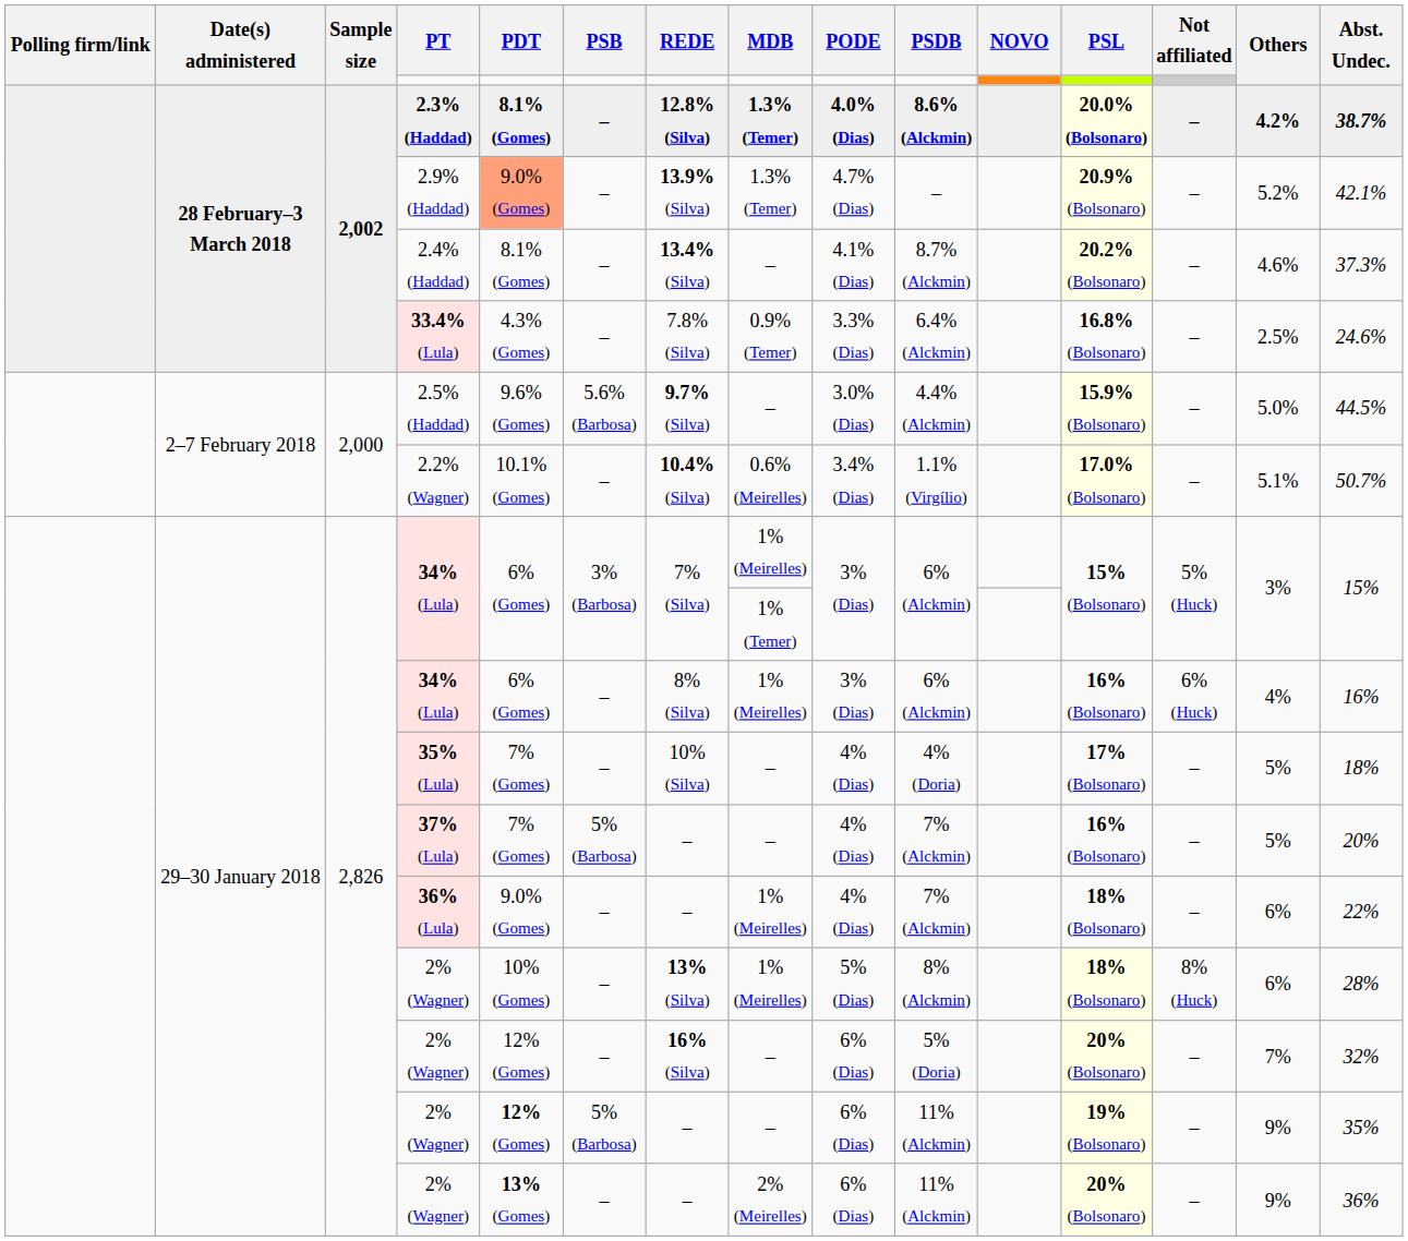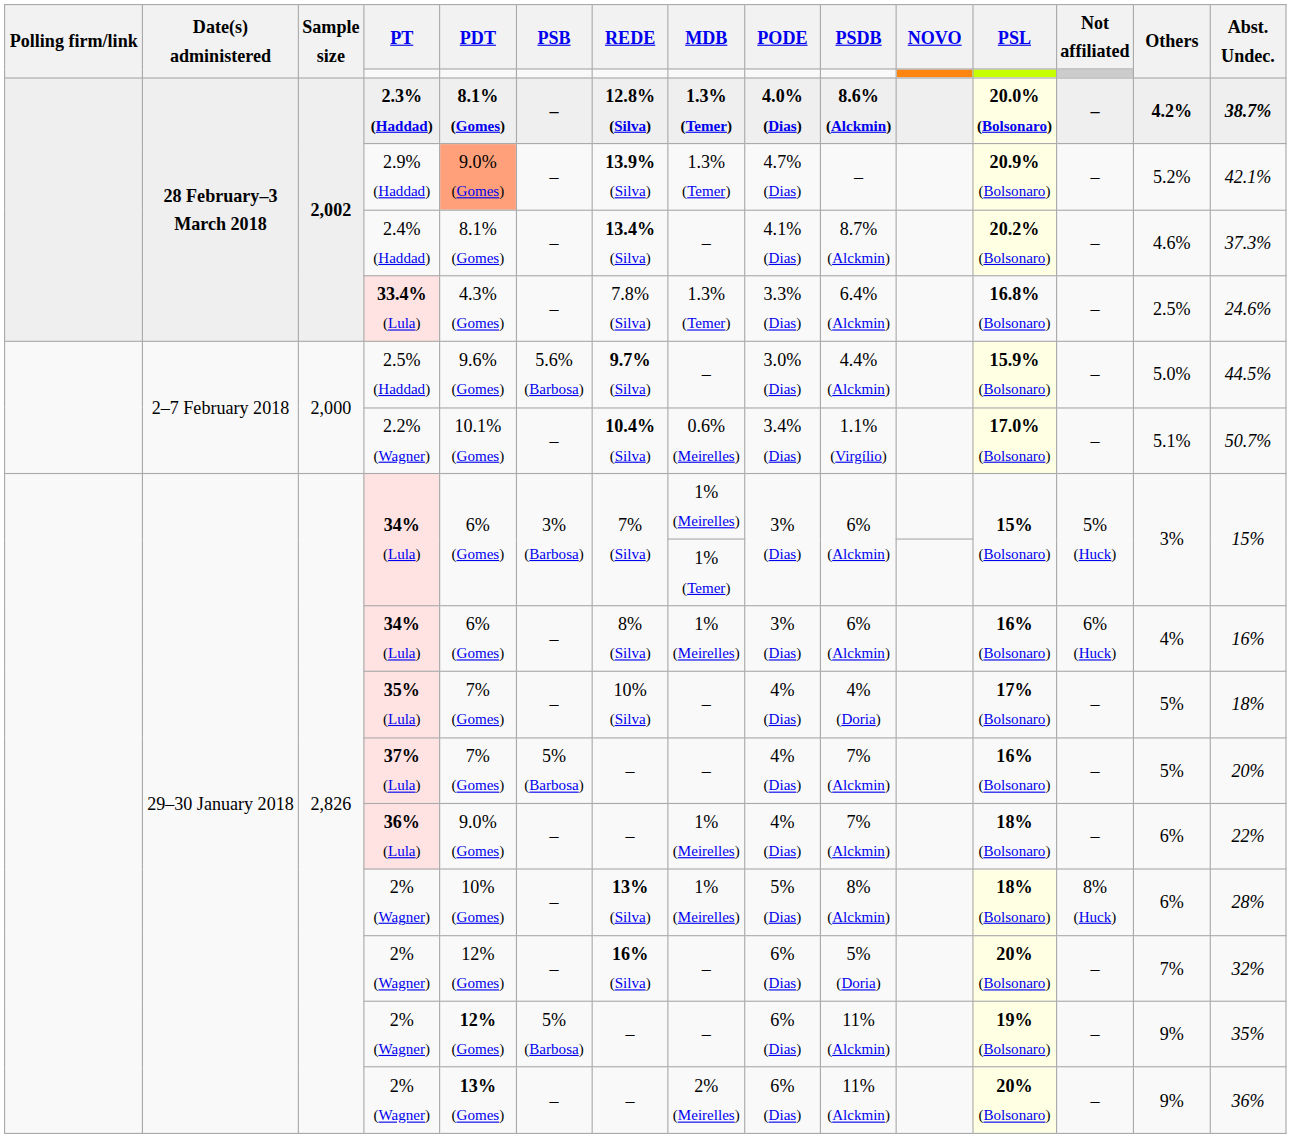 <table class="wikitable collapsible" style="text-align:center;font-size:100%;line-height:25px;">
 <tr style="height:42px;">
 <th style="width:115px;" rowspan="2">Polling firm/link</th>
 <th style="width:130px;" rowspan="2">Date(s)<br>administered</th>
 <th style="width:50px;" rowspan="2">Sample<br>size</th>
 <th style="width:60px;"><a href='#'>PT</a></th>
 <th style="width:60px;"><a href='#'>PDT</a></th>
 <th style="width:60px;"><a href='#'>PSB</a></th>
 <th style="width:60px;"><a href='#'>REDE</a></th>
 <th style="width:60px;"><a href='#'>MDB</a></th>
 <th style="width:60px;"><a href='#'>PODE</a></th>
 <th style="width:60px;"><a href='#'>PSDB</a></th>
 <th style="width:60px;"><a href='#'>NOVO</a></th>
 <th style="width:60px;"><a href='#'>PSL</a></th>
 <th style="width:60px;">Not<br>affiliated</th>
 <th style="width:60px;" rowspan="2">Others</th>
 <th style="width:60px;" rowspan="2">Abst.<br>Undec.</th>
 </tr>
 <tr>
 <td style="color:inherit;background:"></td>
 <td style="color:inherit;background:"></td>
 <td style="color:inherit;background:"></td>
 <td style="color:inherit;background:"></td>
 <td style="color:inherit;background:"></td>
 <td style="color:inherit;background:"></td>
 <td style="color:inherit;background:"></td>
 <td style="color:inherit;background:#FF8511"></td>
 <td style="color:inherit;background:#C8ff00;"></td>
 <td style="color:inherit;background:#CCCCCC"></td>
 </tr>
 <tr style="background:#EFEFEF; font-weight:bold;">
 <td rowspan="4"> </td>
 <td rowspan="4">28 February–3 March 2018</td>
 <td rowspan="4">2,002</td>
 <td>2.3%<br><small>(<a href='#'>Haddad</a>)</small></td>
 <td>8.1%<br><small>(<a href='#'>Gomes</a>)</small></td>
 <td>–</td>
 <td><strong>12.8%</strong><br><small>(<a href='#'>Silva</a>)</small></td>
 <td>1.3%<br><small>(<a href='#'>Temer</a>)</small></td>
 <td>4.0%<br><small>(<a href='#'>Dias</a>)</small></td>
 <td>8.6%<br><small>(<a href='#'>Alckmin</a>)</small></td>
 <td></td>
 <td style="background:#FeFFE3"><strong>20.0%</strong><br><small>(<a href='#'>Bolsonaro</a>)</small></td>
 <td>–</td>
 <td>4.2%</td>
 <td><em>38.7%</em></td>
 </tr>
 <tr>
 <td>2.9%<br><small>(<a href='#'>Haddad</a>)</small></td>
 <td style="background: lightsalmon;">9.0%<br><small>(<a href='#'>Gomes</a>)</small></td>
 <td>–</td>
 <td><strong>13.9%</strong><br><small>(<a href='#'>Silva</a>)</small></td>
 <td>1.3%<br><small>(<a href='#'>Temer</a>)</small></td>
 <td>4.7%<br><small>(<a href='#'>Dias</a>)</small></td>
 <td>–</td>
 <td></td>
 <td style="background:#FeFFE3"><strong>20.9%</strong><br><small>(<a href='#'>Bolsonaro</a>)</small></td>
 <td>–</td>
 <td>5.2%</td>
 <td><em>42.1%</em></td>
 </tr>
 <tr>
 <td>2.4%<br><small>(<a href='#'>Haddad</a>)</small></td>
 <td>8.1%<br><small>(<a href='#'>Gomes</a>)</small></td>
 <td>–</td>
 <td><strong>13.4%</strong><br><small>(<a href='#'>Silva</a>)</small></td>
 <td>–</td>
 <td>4.1%<br><small>(<a href='#'>Dias</a>)</small></td>
 <td>8.7%<br><small>(<a href='#'>Alckmin</a>)</small></td>
 <td></td>
 <td style="background:#FeFFE3"><strong>20.2%</strong><br><small>(<a href='#'>Bolsonaro</a>)</small></td>
 <td>–</td>
 <td>4.6%</td>
 <td><em>37.3%</em></td>
 </tr>
 <tr>
 <td style="background:#FFE3E3"><strong>33.4%</strong><br><small>(<a href='#'>Lula</a>)</small></td>
 <td>4.3%<br><small>(<a href='#'>Gomes</a>)</small></td>
 <td>–</td>
 <td>7.8%<br><small>(<a href='#'>Silva</a>)</small></td>
-<td>0.9%<br><small>(<a href='#'>Temer</a>)</small></td>
+<td>1.3%<br><small>(<a href='#'>Temer</a>)</small></td>
 <td>3.3%<br><small>(<a href='#'>Dias</a>)</small></td>
 <td>6.4%<br><small>(<a href='#'>Alckmin</a>)</small></td>
 <td></td>
 <td><strong>16.8%</strong><br><small>(<a href='#'>Bolsonaro</a>)</small></td>
 <td>–</td>
 <td>2.5%</td>
 <td><em>24.6%</em></td>
 </tr>
 <tr>
 <td rowspan="2"></td>
 <td rowspan="2">2–7 February 2018</td>
 <td rowspan="2">2,000</td>
 <td>2.5%<br><small>(<a href='#'>Haddad</a>)</small></td>
 <td>9.6%<br><small>(<a href='#'>Gomes</a>)</small></td>
 <td>5.6%<br><small>(<a href='#'>Barbosa</a>)</small></td>
 <td><strong>9.7%</strong><br><small>(<a href='#'>Silva</a>)</small></td>
 <td>–</td>
 <td>3.0%<br><small>(<a href='#'>Dias</a>)</small></td>
 <td>4.4%<br><small>(<a href='#'>Alckmin</a>)</small></td>
 <td></td>
 <td style="background:#FeFFE3"><strong>15.9%</strong><br><small>(<a href='#'>Bolsonaro</a>)</small></td>
 <td>–</td>
 <td>5.0%</td>
 <td><em>44.5%</em></td>
 </tr>
 <tr>
 <td>2.2%<br><small>(<a href='#'>Wagner</a>)</small></td>
 <td>10.1%<br><small>(<a href='#'>Gomes</a>)</small></td>
 <td>–</td>
 <td><strong>10.4%</strong><br><small>(<a href='#'>Silva</a>)</small></td>
 <td>0.6%<br><small>(<a href='#'>Meirelles</a>)</small></td>
 <td>3.4%<br><small>(<a href='#'>Dias</a>)</small></td>
 <td>1.1%<br><small>(<a href='#'>Virgílio</a>)</small></td>
 <td></td>
 <td style="background:#FeFFE3"><strong>17.0%</strong><br><small>(<a href='#'>Bolsonaro</a>)</small></td>
 <td>–</td>
 <td>5.1%</td>
 <td><em>50.7%</em></td>
 </tr>
 <tr>
 <td rowspan="10"></td>
 <td rowspan="10">29–30 January 2018</td>
 <td rowspan="10">2,826</td>
 <td rowspan="2" style="background:#FFE3E3"><strong>34%</strong><br><small>(<a href='#'>Lula</a>)</small></td>
 <td rowspan="2">6%<br><small>(<a href='#'>Gomes</a>)</small></td>
 <td rowspan="2">3%<br><small>(<a href='#'>Barbosa</a>)</small></td>
 <td rowspan="2">7%<br><small>(<a href='#'>Silva</a>)</small></td>
 <td>1%<br><small>(<a href='#'>Meirelles</a>)</small></td>
 <td rowspan="2">3%<br><small>(<a href='#'>Dias</a>)</small></td>
 <td rowspan="2">6%<br><small>(<a href='#'>Alckmin</a>)</small></td>
 <td></td>
 <td rowspan="2"><strong>15%</strong><br><small>(<a href='#'>Bolsonaro</a>)</small></td>
 <td rowspan="2">5%<br><small>(<a href='#'>Huck</a>)</small></td>
 <td rowspan="2">3%</td>
 <td rowspan="2"><em>15%</em></td>
 </tr>
 <tr>
 <td>1%<br><small>(<a href='#'>Temer</a>)</small></td>
 <td></td>
 </tr>
 <tr>
 <td style="background:#FFE3E3"><strong>34%</strong><br><small>(<a href='#'>Lula</a>)</small></td>
 <td>6%<br><small>(<a href='#'>Gomes</a>)</small></td>
 <td>–</td>
 <td>8%<br><small>(<a href='#'>Silva</a>)</small></td>
 <td>1%<br><small>(<a href='#'>Meirelles</a>)</small></td>
 <td>3%<br><small>(<a href='#'>Dias</a>)</small></td>
 <td>6%<br><small>(<a href='#'>Alckmin</a>)</small></td>
 <td></td>
 <td><strong>16%</strong><br><small>(<a href='#'>Bolsonaro</a>)</small></td>
 <td>6%<br><small>(<a href='#'>Huck</a>)</small></td>
 <td>4%</td>
 <td><em>16%</em></td>
 </tr>
 <tr>
 <td style="background:#FFE3E3"><strong>35%</strong><br><small>(<a href='#'>Lula</a>)</small></td>
 <td>7%<br><small>(<a href='#'>Gomes</a>)</small></td>
 <td>–</td>
 <td>10%<br><small>(<a href='#'>Silva</a>)</small></td>
 <td>–</td>
 <td>4%<br><small>(<a href='#'>Dias</a>)</small></td>
 <td>4%<br><small>(<a href='#'>Doria</a>)</small></td>
 <td></td>
 <td><strong>17%</strong><br><small>(<a href='#'>Bolsonaro</a>)</small></td>
 <td>–</td>
 <td>5%</td>
 <td><em>18%</em></td>
 </tr>
 <tr>
 <td style="background:#FFE3E3"><strong>37%</strong><br><small>(<a href='#'>Lula</a>)</small></td>
 <td>7%<br><small>(<a href='#'>Gomes</a>)</small></td>
 <td>5%<br><small>(<a href='#'>Barbosa</a>)</small></td>
 <td>–</td>
 <td>–</td>
 <td>4%<br><small>(<a href='#'>Dias</a>)</small></td>
 <td>7%<br><small>(<a href='#'>Alckmin</a>)</small></td>
 <td></td>
 <td><strong>16%</strong><br><small>(<a href='#'>Bolsonaro</a>)</small></td>
 <td>–</td>
 <td>5%</td>
 <td><em>20%</em></td>
 </tr>
 <tr>
 <td style="background:#FFE3E3"><strong>36%</strong><br><small>(<a href='#'>Lula</a>)</small></td>
 <td>9.0%<br><small>(<a href='#'>Gomes</a>)</small></td>
 <td>–</td>
 <td>–</td>
 <td>1%<br><small>(<a href='#'>Meirelles</a>)</small></td>
 <td>4%<br><small>(<a href='#'>Dias</a>)</small></td>
 <td>7%<br><small>(<a href='#'>Alckmin</a>)</small></td>
 <td></td>
 <td><strong>18%</strong><br><small>(<a href='#'>Bolsonaro</a>)</small></td>
 <td>–</td>
 <td>6%</td>
 <td><em>22%</em></td>
 </tr>
 <tr>
 <td>2%<br><small>(<a href='#'>Wagner</a>)</small></td>
 <td>10%<br><small>(<a href='#'>Gomes</a>)</small></td>
 <td>–</td>
 <td><strong>13%</strong><br><small>(<a href='#'>Silva</a>)</small></td>
 <td>1%<br><small>(<a href='#'>Meirelles</a>)</small></td>
 <td>5%<br><small>(<a href='#'>Dias</a>)</small></td>
 <td>8%<br><small>(<a href='#'>Alckmin</a>)</small></td>
 <td></td>
 <td style="background:#FeFFE3"><strong>18%</strong><br><small>(<a href='#'>Bolsonaro</a>)</small></td>
 <td>8%<br><small>(<a href='#'>Huck</a>)</small></td>
 <td>6%</td>
 <td><em>28%</em></td>
 </tr>
 <tr>
 <td>2%<br><small>(<a href='#'>Wagner</a>)</small></td>
 <td>12%<br><small>(<a href='#'>Gomes</a>)</small></td>
 <td>–</td>
 <td><strong>16%</strong><br><small>(<a href='#'>Silva</a>)</small></td>
 <td>–</td>
 <td>6%<br><small>(<a href='#'>Dias</a>)</small></td>
 <td>5%<br><small>(<a href='#'>Doria</a>)</small></td>
 <td></td>
 <td style="background:#FeFFE3"><strong>20%</strong><br><small>(<a href='#'>Bolsonaro</a>)</small></td>
 <td>–</td>
 <td>7%</td>
 <td><em>32%</em></td>
 </tr>
 <tr>
 <td>2%<br><small>(<a href='#'>Wagner</a>)</small></td>
 <td><strong>12%</strong><br><small>(<a href='#'>Gomes</a>)</small></td>
 <td>5%<br><small>(<a href='#'>Barbosa</a>)</small></td>
 <td>–</td>
 <td>–</td>
 <td>6%<br><small>(<a href='#'>Dias</a>)</small></td>
 <td>11%<br><small>(<a href='#'>Alckmin</a>)</small></td>
 <td></td>
 <td style="background:#FeFFE3"><strong>19%</strong><br><small>(<a href='#'>Bolsonaro</a>)</small></td>
 <td>–</td>
 <td>9%</td>
 <td><em>35%</em></td>
 </tr>
 <tr>
 <td>2%<br><small>(<a href='#'>Wagner</a>)</small></td>
 <td><strong>13%</strong><br><small>(<a href='#'>Gomes</a>)</small></td>
 <td>–</td>
 <td>–</td>
 <td>2%<br><small>(<a href='#'>Meirelles</a>)</small></td>
 <td>6%<br><small>(<a href='#'>Dias</a>)</small></td>
 <td>11%<br><small>(<a href='#'>Alckmin</a>)</small></td>
 <td></td>
 <td style="background:#FeFFE3"><strong>20%</strong><br><small>(<a href='#'>Bolsonaro</a>)</small></td>
 <td>–</td>
 <td>9%</td>
 <td><em>36%</em></td>
 </tr>
 </table>
